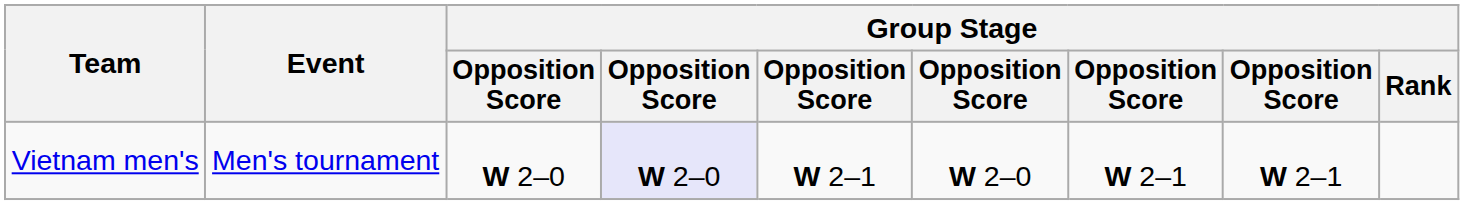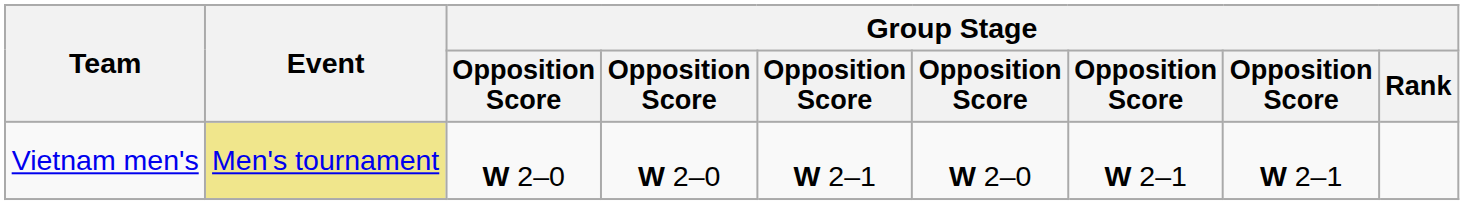 <table class="wikitable" style="font-size:90%">
 <tr>
 <th rowspan=2>Team</th>
 <th rowspan=2>Event</th>
 <th colspan=7>Group Stage</th>
 </tr>
 <tr style="font-size:95%">
 <th>Opposition<br>Score</th>
 <th>Opposition<br>Score</th>
 <th>Opposition<br>Score</th>
 <th>Opposition<br>Score</th>
 <th>Opposition<br>Score</th>
 <th>Opposition<br>Score</th>
 <th>Rank</th>
 </tr>
 <tr align=center>
 <td align=left><a href='#'>Vietnam men's</a></td>
-<td align=left><a href='#'>Men's tournament</a></td>
+<td align=left style="background: khaki;"><a href='#'>Men's tournament</a></td>
 <td><br><strong>W</strong> 2–0</td>
-<td style="background: lavender;"><br><strong>W</strong> 2–0</td>
+<td><br><strong>W</strong> 2–0</td>
 <td><br><strong>W</strong> 2–1</td>
 <td><br><strong>W</strong> 2–0</td>
 <td><br><strong>W</strong> 2–1</td>
 <td><br><strong>W</strong> 2–1</td>
 <td></td>
 </tr>
 </table>
